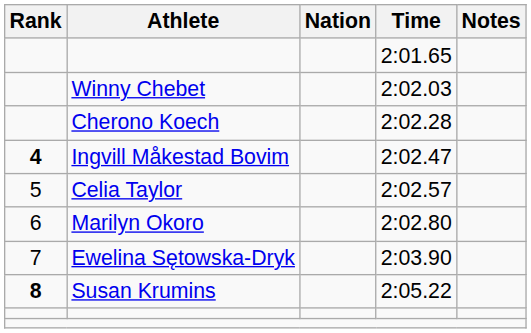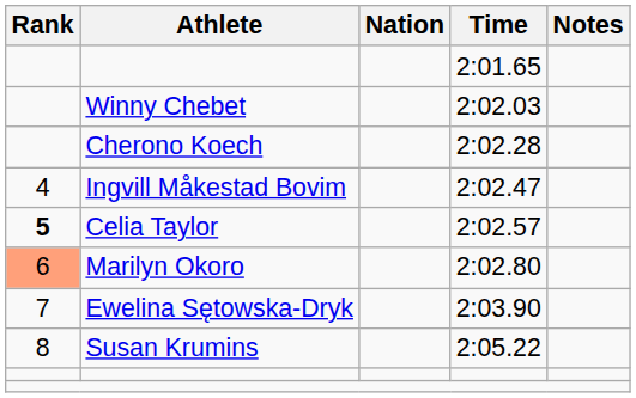 <table class="wikitable mw-datatable sortable" style="text-align:center;">
 <tr>
 <th scope="col" style="width: 10px;">Rank</th>
 <th scope="col">Athlete</th>
 <th scope="col">Nation</th>
 <th scope="col">Time</th>
 <th scope="col">Notes</th>
 </tr>
 <tr>
 <td></td>
 <td align="left"></td>
 <td align="left"></td>
 <td>2:01.65</td>
 <td></td>
 </tr>
 <tr>
 <td></td>
 <td align="left"><a href='#'>Winny Chebet</a></td>
 <td align="left"></td>
 <td>2:02.03</td>
 <td></td>
 </tr>
 <tr>
 <td></td>
 <td align="left"><a href='#'>Cherono Koech</a></td>
 <td align="left"></td>
 <td>2:02.28</td>
 <td></td>
 </tr>
 <tr>
-<td><strong>4</strong></td>
+<td>4</td>
 <td align="left"><a href='#'>Ingvill Måkestad Bovim</a></td>
 <td align="left"></td>
 <td>2:02.47</td>
 <td></td>
 </tr>
 <tr>
-<td>5</td>
+<td><strong>5</strong></td>
 <td align="left"><a href='#'>Celia Taylor</a></td>
 <td align="left"></td>
 <td>2:02.57</td>
 <td></td>
 </tr>
 <tr>
-<td>6</td>
+<td style="background: lightsalmon;">6</td>
 <td align="left"><a href='#'>Marilyn Okoro</a></td>
 <td align="left"></td>
 <td>2:02.80</td>
 <td></td>
 </tr>
 <tr>
 <td>7</td>
 <td align="left"><a href='#'>Ewelina Sętowska-Dryk</a></td>
 <td align="left"></td>
 <td>2:03.90</td>
 <td></td>
 </tr>
 <tr>
-<td><strong>8</strong></td>
+<td>8</td>
 <td align="left"><a href='#'>Susan Krumins</a></td>
 <td align="left"></td>
 <td>2:05.22</td>
 <td></td>
 </tr>
 <tr>
 <td></td>
 <td align="left"></td>
 <td align="left"></td>
 <td></td>
 <td></td>
 </tr>
 <tr class="sortbottom">
 <td colspan="5"></td>
 </tr>
 </table>
